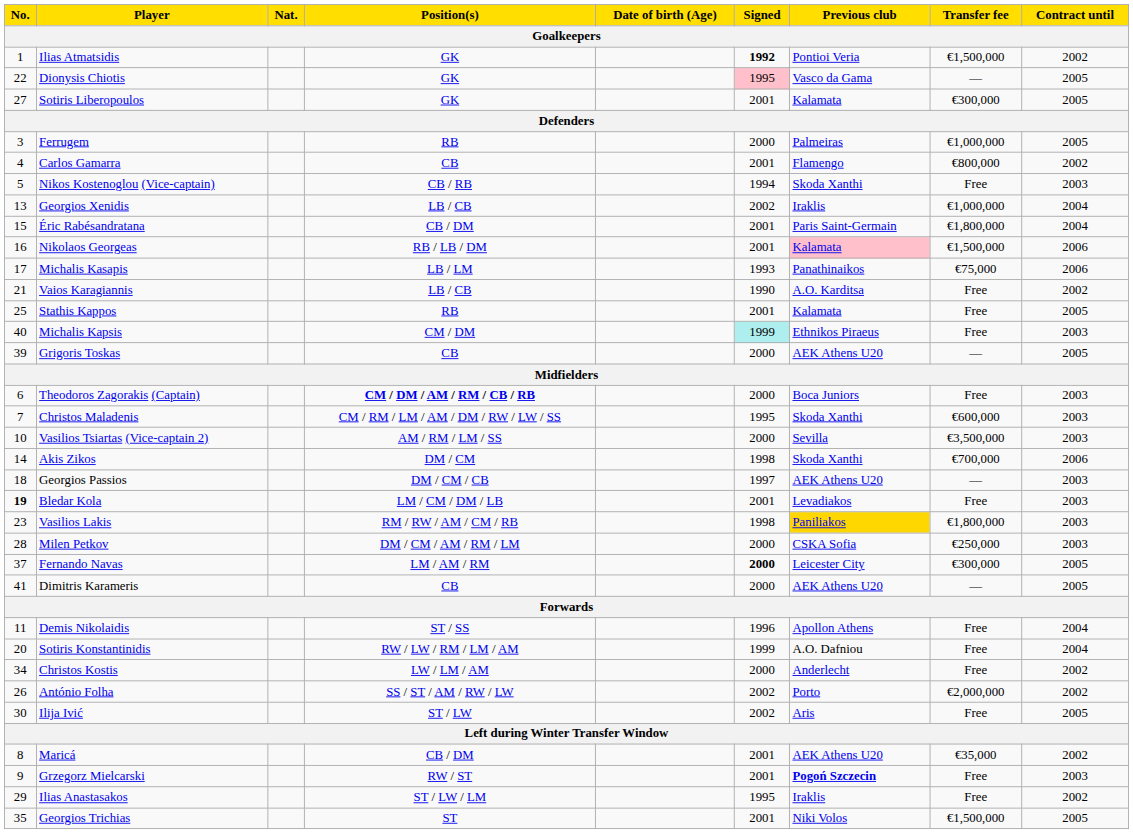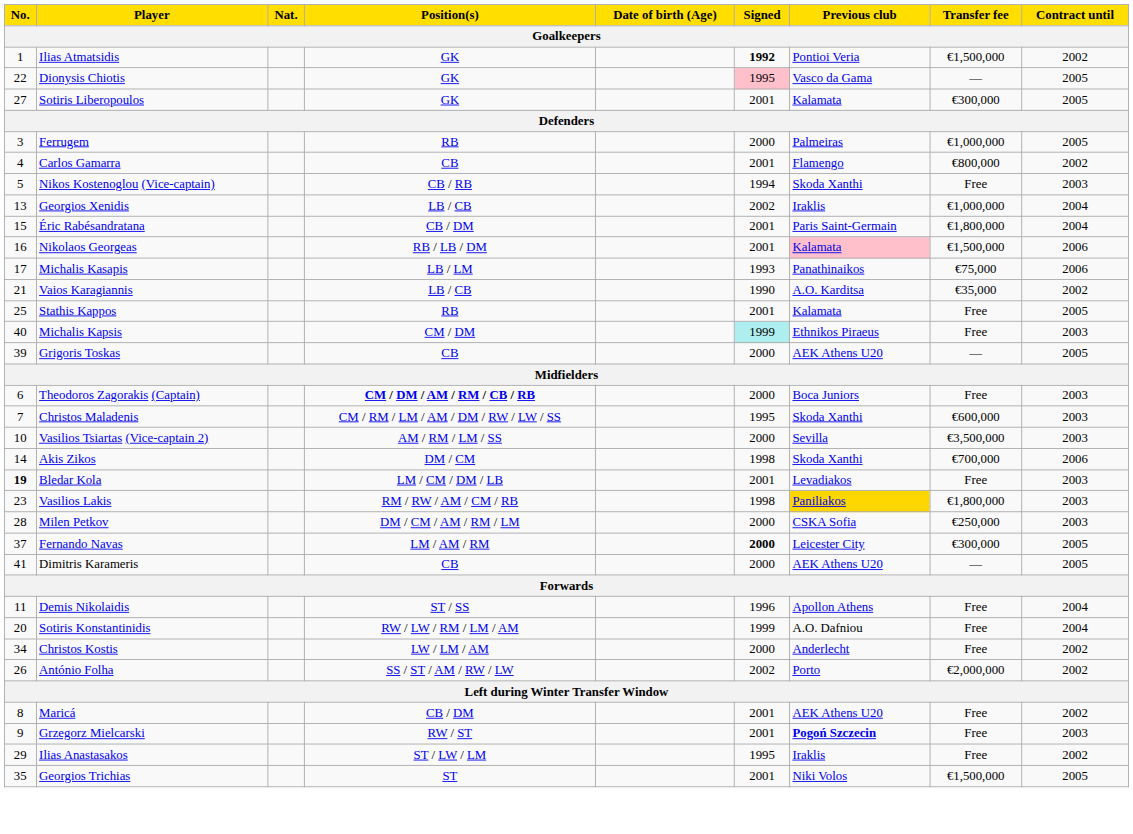 <table class="wikitable" style="text-align:center; font-size:90%; width:100%">
 <tr>
 <th style="background:#FFDE00">No.</th>
 <th style="background:#FFDE00">Player</th>
 <th style="background:#FFDE00">Nat.</th>
 <th style="background:#FFDE00">Position(s)</th>
 <th style="background:#FFDE00">Date of birth (Age)</th>
 <th style="background:#FFDE00">Signed</th>
 <th style="background:#FFDE00">Previous club</th>
 <th style="background:#FFDE00">Transfer fee</th>
 <th style="background:#FFDE00">Contract until</th>
 </tr>
 <tr>
 <th colspan="9">Goalkeepers</th>
 </tr>
 <tr>
 <td>1</td>
 <td align=left><a href='#'>Ilias Atmatsidis</a></td>
 <td></td>
 <td><a href='#'>GK</a></td>
 <td></td>
 <td><strong>1992</strong></td>
 <td align=left> <a href='#'>Pontioi Veria</a></td>
 <td>€1,500,000</td>
 <td>2002</td>
 </tr>
 <tr>
 <td>22</td>
 <td align=left><a href='#'>Dionysis Chiotis</a></td>
 <td></td>
 <td><a href='#'>GK</a></td>
 <td></td>
 <td style="background: pink;">1995</td>
 <td align=left> <a href='#'>Vasco da Gama</a></td>
 <td>—</td>
 <td>2005</td>
 </tr>
 <tr>
 <td>27</td>
 <td align=left><a href='#'>Sotiris Liberopoulos</a></td>
 <td></td>
 <td><a href='#'>GK</a></td>
 <td></td>
 <td>2001</td>
 <td align=left> <a href='#'>Kalamata</a></td>
 <td>€300,000</td>
 <td>2005</td>
 </tr>
 <tr>
 <th colspan="9">Defenders</th>
 </tr>
 <tr>
 <td>3</td>
 <td align=left><a href='#'>Ferrugem</a></td>
 <td></td>
 <td><a href='#'>RB</a></td>
 <td></td>
 <td>2000</td>
 <td align=left> <a href='#'>Palmeiras</a></td>
 <td>€1,000,000</td>
 <td>2005</td>
 </tr>
 <tr>
 <td>4</td>
 <td align=left><a href='#'>Carlos Gamarra</a></td>
 <td></td>
 <td><a href='#'>CB</a></td>
 <td></td>
 <td>2001</td>
 <td align=left> <a href='#'>Flamengo</a></td>
 <td>€800,000</td>
 <td>2002</td>
 </tr>
 <tr>
 <td>5</td>
 <td align=left><a href='#'>Nikos Kostenoglou</a> <a href='#'>(Vice-captain)</a></td>
 <td></td>
 <td><a href='#'>CB</a> / <a href='#'>RB</a></td>
 <td></td>
 <td>1994</td>
 <td align=left> <a href='#'>Skoda Xanthi</a></td>
 <td>Free</td>
 <td>2003</td>
 </tr>
 <tr>
 <td>13</td>
 <td align=left><a href='#'>Georgios Xenidis</a></td>
 <td></td>
 <td><a href='#'>LB</a> / <a href='#'>CB</a></td>
 <td></td>
 <td>2002</td>
 <td align=left> <a href='#'>Iraklis</a></td>
 <td>€1,000,000</td>
 <td>2004</td>
 </tr>
 <tr>
 <td>15</td>
 <td align=left><a href='#'>Éric Rabésandratana</a></td>
 <td></td>
 <td><a href='#'>CB</a> / <a href='#'>DM</a></td>
 <td></td>
 <td>2001</td>
 <td align=left> <a href='#'>Paris Saint-Germain</a></td>
 <td>€1,800,000</td>
 <td>2004</td>
 </tr>
 <tr>
 <td>16</td>
 <td align=left><a href='#'>Nikolaos Georgeas</a></td>
 <td></td>
 <td><a href='#'>RB</a> / <a href='#'>LB</a> / <a href='#'>DM</a></td>
 <td></td>
 <td>2001</td>
 <td align=left style="background: pink;"> <a href='#'>Kalamata</a></td>
 <td>€1,500,000</td>
 <td>2006</td>
 </tr>
 <tr>
 <td>17</td>
 <td align=left><a href='#'>Michalis Kasapis</a></td>
 <td></td>
 <td><a href='#'>LB</a> / <a href='#'>LM</a></td>
 <td></td>
 <td>1993</td>
 <td align=left> <a href='#'>Panathinaikos</a></td>
 <td>€75,000</td>
 <td>2006</td>
 </tr>
 <tr>
 <td>21</td>
 <td align=left><a href='#'>Vaios Karagiannis</a></td>
 <td></td>
 <td><a href='#'>LB</a> / <a href='#'>CB</a></td>
 <td></td>
 <td>1990</td>
 <td align=left> <a href='#'>A.O. Karditsa</a></td>
-<td>Free</td>
+<td>€35,000</td>
 <td>2002</td>
 </tr>
 <tr>
 <td>25</td>
 <td align=left><a href='#'>Stathis Kappos</a></td>
 <td></td>
 <td><a href='#'>RB</a></td>
 <td></td>
 <td>2001</td>
 <td align=left> <a href='#'>Kalamata</a></td>
 <td>Free</td>
 <td>2005</td>
 </tr>
 <tr>
 <td>40</td>
 <td align=left><a href='#'>Michalis Kapsis</a></td>
 <td></td>
 <td><a href='#'>CM</a> / <a href='#'>DM</a></td>
 <td></td>
 <td style="background: paleturquoise;">1999</td>
 <td align=left> <a href='#'>Ethnikos Piraeus</a></td>
 <td>Free</td>
 <td>2003</td>
 </tr>
 <tr>
 <td>39</td>
 <td align=left><a href='#'>Grigoris Toskas</a></td>
 <td></td>
 <td><a href='#'>CB</a></td>
 <td></td>
 <td>2000</td>
 <td align=left> <a href='#'>AEK Athens U20</a></td>
 <td>—</td>
 <td>2005</td>
 </tr>
 <tr>
 <th colspan="9">Midfielders</th>
 </tr>
 <tr>
 <td>6</td>
 <td align=left><a href='#'>Theodoros Zagorakis</a> <a href='#'>(Captain)</a></td>
 <td></td>
 <td><strong><a href='#'>CM</a> / <a href='#'>DM</a> / <a href='#'>AM</a> / <a href='#'>RM</a> / <a href='#'>CB</a> / <a href='#'>RB</a></strong></td>
 <td></td>
 <td>2000</td>
 <td align=left> <a href='#'>Boca Juniors</a></td>
 <td>Free</td>
 <td>2003</td>
 </tr>
 <tr>
 <td>7</td>
 <td align=left><a href='#'>Christos Maladenis</a></td>
 <td></td>
 <td><a href='#'>CM</a> / <a href='#'>RM</a> / <a href='#'>LM</a> / <a href='#'>AM</a> / <a href='#'>DM</a> / <a href='#'>RW</a> / <a href='#'>LW</a> / <a href='#'>SS</a></td>
 <td></td>
 <td>1995</td>
 <td align=left> <a href='#'>Skoda Xanthi</a></td>
 <td>€600,000</td>
 <td>2003</td>
 </tr>
 <tr>
 <td>10</td>
 <td align=left><a href='#'>Vasilios Tsiartas</a> <a href='#'>(Vice-captain 2)</a></td>
 <td></td>
 <td><a href='#'>AM</a> / <a href='#'>RM</a> / <a href='#'>LM</a> / <a href='#'>SS</a></td>
 <td></td>
 <td>2000</td>
 <td align=left> <a href='#'>Sevilla</a></td>
 <td>€3,500,000</td>
 <td>2003</td>
 </tr>
 <tr>
 <td>14</td>
 <td align=left><a href='#'>Akis Zikos</a></td>
 <td></td>
 <td><a href='#'>DM</a> / <a href='#'>CM</a></td>
 <td></td>
 <td>1998</td>
 <td align=left> <a href='#'>Skoda Xanthi</a></td>
 <td>€700,000</td>
 <td>2006</td>
-</tr>
-<tr>
-<td>18</td>
-<td align=left>Georgios Passios</td>
-<td></td>
-<td><a href='#'>DM</a> / <a href='#'>CM</a> / <a href='#'>CB</a></td>
-<td></td>
-<td>1997</td>
-<td align=left> <a href='#'>AEK Athens U20</a></td>
-<td>—</td>
-<td>2003</td>
 </tr>
 <tr>
 <td><strong>19</strong></td>
 <td align=left><a href='#'>Bledar Kola</a></td>
 <td></td>
 <td><a href='#'>LM</a> / <a href='#'>CM</a> / <a href='#'>DM</a> / <a href='#'>LB</a></td>
 <td></td>
 <td>2001</td>
 <td align=left> <a href='#'>Levadiakos</a></td>
 <td>Free</td>
 <td>2003</td>
 </tr>
 <tr>
 <td>23</td>
 <td align=left><a href='#'>Vasilios Lakis</a></td>
 <td></td>
 <td><a href='#'>RM</a> / <a href='#'>RW</a> / <a href='#'>AM</a> / <a href='#'>CM</a> / <a href='#'>RB</a></td>
 <td></td>
 <td>1998</td>
 <td align=left style="background: gold;"> <a href='#'>Paniliakos</a></td>
 <td>€1,800,000</td>
 <td>2003</td>
 </tr>
 <tr>
 <td>28</td>
 <td align=left><a href='#'>Milen Petkov</a></td>
 <td></td>
 <td><a href='#'>DM</a> / <a href='#'>CM</a> / <a href='#'>AM</a> / <a href='#'>RM</a> / <a href='#'>LM</a></td>
 <td></td>
 <td>2000</td>
 <td align=left> <a href='#'>CSKA Sofia</a></td>
 <td>€250,000</td>
 <td>2003</td>
 </tr>
 <tr>
 <td>37</td>
 <td align=left><a href='#'>Fernando Navas</a></td>
 <td></td>
 <td><a href='#'>LM</a> / <a href='#'>AM</a> / <a href='#'>RM</a></td>
 <td></td>
 <td><strong>2000</strong></td>
 <td align=left> <a href='#'>Leicester City</a></td>
 <td>€300,000</td>
 <td>2005</td>
 </tr>
 <tr>
 <td>41</td>
 <td align=left>Dimitris Karameris</td>
 <td></td>
 <td><a href='#'>CB</a></td>
 <td></td>
 <td>2000</td>
 <td align=left> <a href='#'>AEK Athens U20</a></td>
 <td>—</td>
 <td>2005</td>
 </tr>
 <tr>
 <th colspan="9">Forwards</th>
 </tr>
 <tr>
 <td>11</td>
 <td align=left><a href='#'>Demis Nikolaidis</a></td>
 <td></td>
 <td><a href='#'>ST</a> / <a href='#'>SS</a></td>
 <td></td>
 <td>1996</td>
 <td align=left> <a href='#'>Apollon Athens</a></td>
 <td>Free</td>
 <td>2004</td>
 </tr>
 <tr>
 <td>20</td>
 <td align=left><a href='#'>Sotiris Konstantinidis</a></td>
 <td></td>
 <td><a href='#'>RW</a> / <a href='#'>LW</a> / <a href='#'>RM</a> / <a href='#'>LM</a> / <a href='#'>AM</a></td>
 <td></td>
 <td>1999</td>
 <td align=left> A.O. Dafniou</td>
 <td>Free</td>
 <td>2004</td>
 </tr>
 <tr>
 <td>34</td>
 <td align=left><a href='#'>Christos Kostis</a></td>
 <td></td>
 <td><a href='#'>LW</a> / <a href='#'>LM</a> / <a href='#'>AM</a></td>
 <td></td>
 <td>2000</td>
 <td align=left> <a href='#'>Anderlecht</a></td>
 <td>Free</td>
 <td>2002</td>
 </tr>
 <tr>
 <td>26</td>
 <td align=left><a href='#'>António Folha</a></td>
 <td></td>
 <td><a href='#'>SS</a> / <a href='#'>ST</a> / <a href='#'>AM</a> / <a href='#'>RW</a> / <a href='#'>LW</a></td>
 <td></td>
 <td>2002</td>
 <td align=left> <a href='#'>Porto</a></td>
 <td>€2,000,000</td>
 <td>2002</td>
 </tr>
 <tr>
-<td>30</td>
-<td align=left><a href='#'>Ilija Ivić</a></td>
-<td></td>
-<td><a href='#'>ST</a> / <a href='#'>LW</a></td>
-<td></td>
-<td>2002</td>
-<td align=left> <a href='#'>Aris</a></td>
-<td>Free</td>
-<td>2005</td>
-</tr>
-<tr>
 <th colspan="9">Left during Winter Transfer Window</th>
 </tr>
 <tr>
 <td>8</td>
 <td align=left><a href='#'>Maricá</a></td>
 <td></td>
 <td><a href='#'>CB</a> / <a href='#'>DM</a></td>
 <td></td>
 <td>2001</td>
 <td align=left> <a href='#'>AEK Athens U20</a></td>
-<td>€35,000</td>
+<td>Free</td>
 <td>2002</td>
 </tr>
 <tr>
 <td>9</td>
 <td align=left><a href='#'>Grzegorz Mielcarski</a></td>
 <td></td>
 <td><a href='#'>RW</a> / <a href='#'>ST</a></td>
 <td></td>
 <td>2001</td>
 <td align=left><strong> <a href='#'>Pogoń Szczecin</a></strong></td>
 <td>Free</td>
 <td>2003</td>
 </tr>
 <tr>
 <td>29</td>
 <td align=left><a href='#'>Ilias Anastasakos</a></td>
 <td></td>
 <td><a href='#'>ST</a> / <a href='#'>LW</a> / <a href='#'>LM</a></td>
 <td></td>
 <td>1995</td>
 <td align=left> <a href='#'>Iraklis</a></td>
 <td>Free</td>
 <td>2002</td>
 </tr>
 <tr>
 <td>35</td>
 <td align=left><a href='#'>Georgios Trichias</a></td>
 <td></td>
 <td><a href='#'>ST</a></td>
 <td></td>
 <td>2001</td>
 <td align=left> <a href='#'>Niki Volos</a></td>
 <td>€1,500,000</td>
 <td>2005</td>
 </tr>
 </table>
